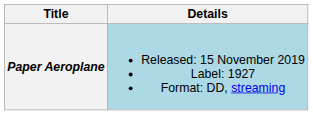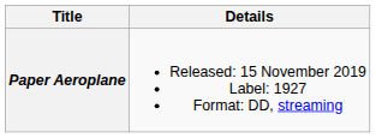 <table class="wikitable plainrowheaders" style="text-align:center;">
 <tr>
 <th>Title</th>
 <th>Details</th>
 </tr>
 <tr>
 <th scope="row"><em>Paper Aeroplane</em></th>
-<td style="background: lightblue;"><br><ul><li>Released: 15 November 2019</li><li>Label: 1927</li><li>Format: DD, <a href='#'>streaming</a></li></ul></td>
+<td><br><ul><li>Released: 15 November 2019</li><li>Label: 1927</li><li>Format: DD, <a href='#'>streaming</a></li></ul></td>
 </tr>
 </table>
